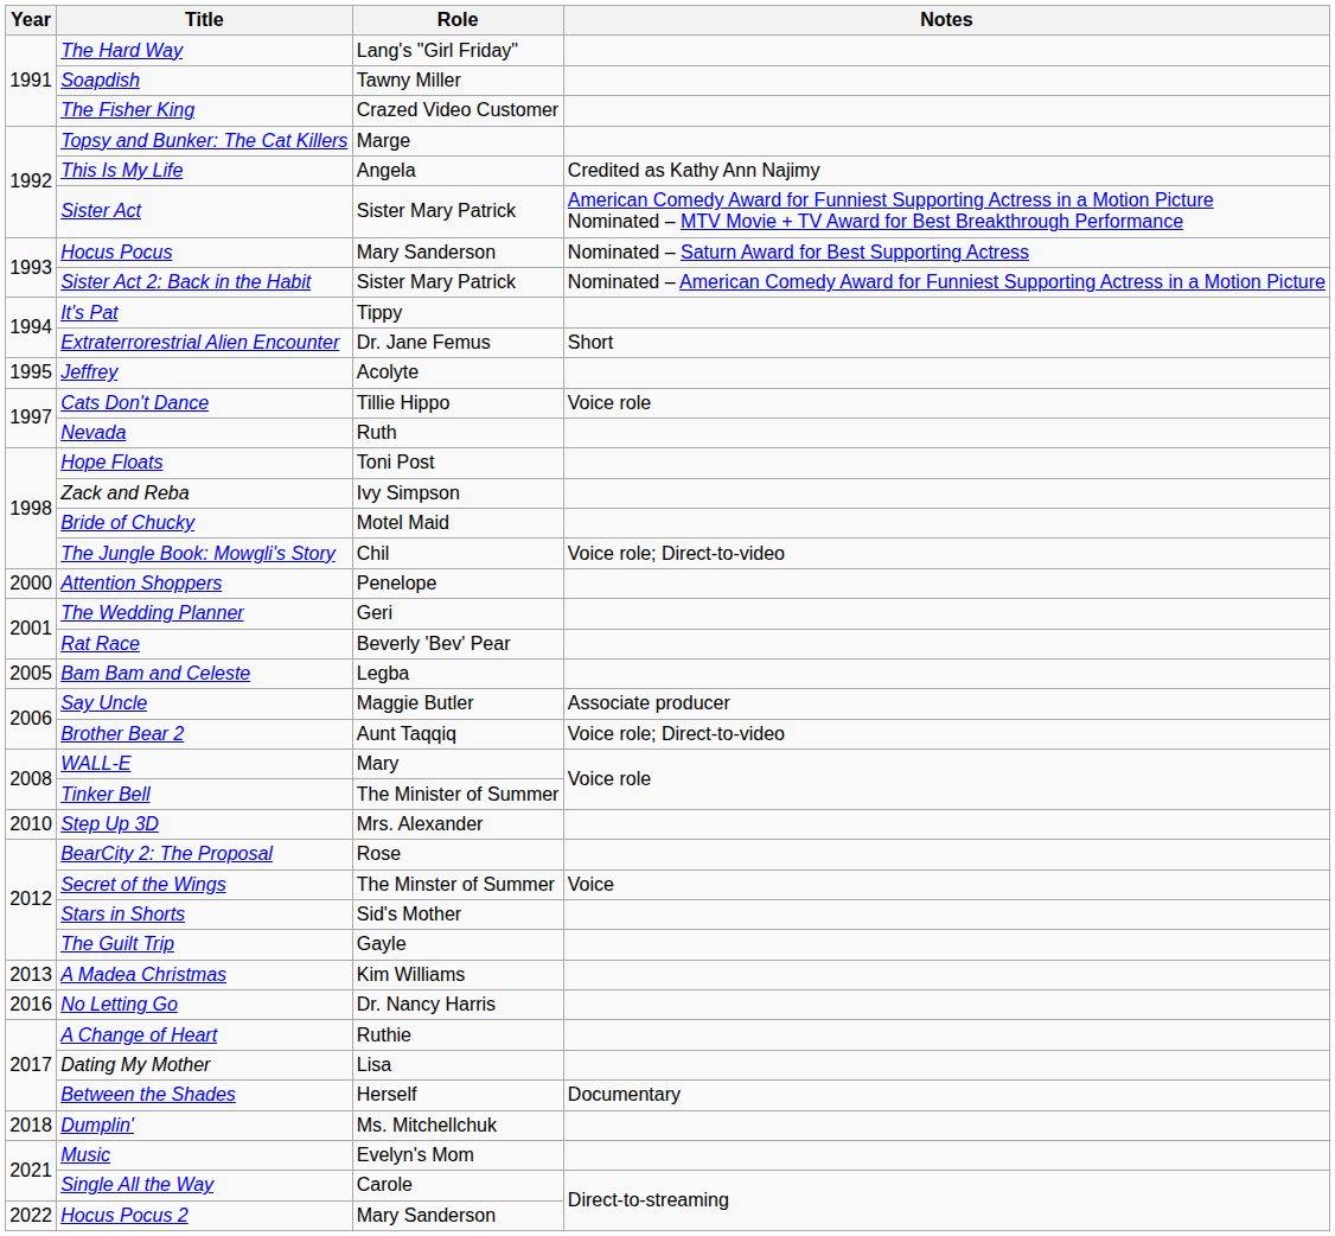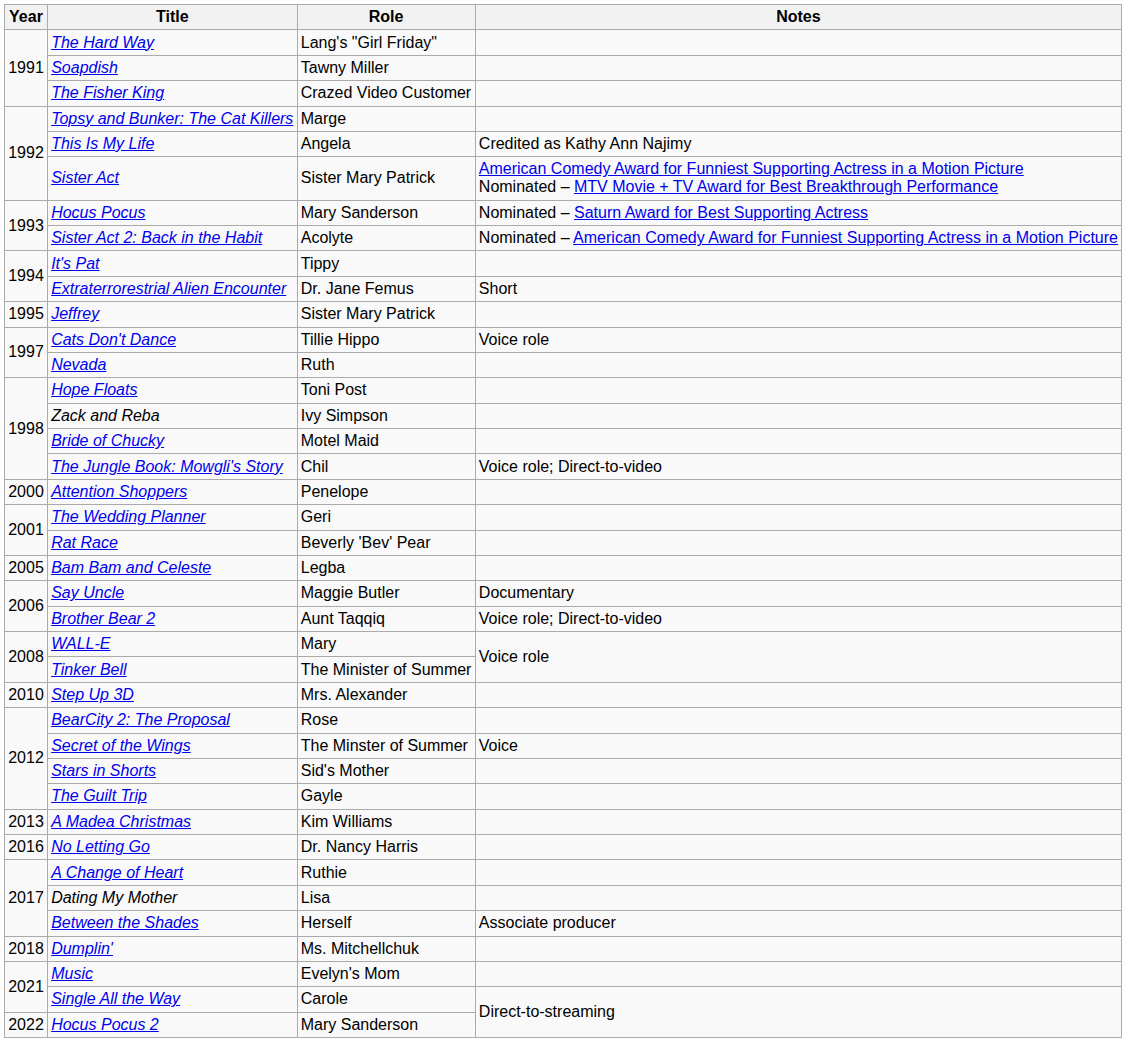 <table class="wikitable sortable">
 <tr>
 <th>Year</th>
 <th>Title</th>
 <th>Role</th>
 <th>Notes</th>
 </tr>
 <tr>
 <td rowspan=3>1991</td>
 <td><em><a href='#'>The Hard Way</a></em></td>
 <td>Lang's "Girl Friday"</td>
 <td></td>
 </tr>
 <tr>
 <td><em><a href='#'>Soapdish</a></em></td>
 <td>Tawny Miller</td>
 <td></td>
 </tr>
 <tr>
 <td><em><a href='#'>The Fisher King</a></em></td>
 <td>Crazed Video Customer</td>
 <td></td>
 </tr>
 <tr>
 <td rowspan=3>1992</td>
 <td><em><a href='#'>Topsy and Bunker: The Cat Killers</a></em></td>
 <td>Marge</td>
 <td></td>
 </tr>
 <tr>
 <td><em><a href='#'>This Is My Life</a></em></td>
 <td>Angela</td>
 <td>Credited as Kathy Ann Najimy</td>
 </tr>
 <tr>
 <td><em><a href='#'>Sister Act</a></em></td>
 <td>Sister Mary Patrick</td>
 <td><a href='#'>American Comedy Award for Funniest Supporting Actress in a Motion Picture</a><br>Nominated – <a href='#'>MTV Movie + TV Award for Best Breakthrough Performance</a></td>
 </tr>
 <tr>
 <td rowspan=2>1993</td>
 <td><em><a href='#'>Hocus Pocus</a></em></td>
 <td>Mary Sanderson</td>
 <td>Nominated – <a href='#'>Saturn Award for Best Supporting Actress</a></td>
 </tr>
 <tr>
 <td><em><a href='#'>Sister Act 2: Back in the Habit</a></em></td>
-<td>Sister Mary Patrick</td>
+<td>Acolyte</td>
 <td>Nominated – <a href='#'>American Comedy Award for Funniest Supporting Actress in a Motion Picture</a></td>
 </tr>
 <tr>
 <td rowspan=2>1994</td>
 <td><em><a href='#'>It's Pat</a></em></td>
 <td>Tippy</td>
 </tr>
 <tr>
 <td><em><a href='#'>Extraterrorestrial Alien Encounter</a></em></td>
 <td>Dr. Jane Femus</td>
 <td>Short</td>
 </tr>
 <tr>
 <td>1995</td>
 <td><em><a href='#'>Jeffrey</a></em></td>
-<td>Acolyte</td>
+<td>Sister Mary Patrick</td>
 <td></td>
 </tr>
 <tr>
 <td rowspan=2>1997</td>
 <td><em><a href='#'>Cats Don't Dance</a></em></td>
 <td>Tillie Hippo</td>
 <td>Voice role</td>
 </tr>
 <tr>
 <td><em><a href='#'>Nevada</a></em></td>
 <td>Ruth</td>
 <td></td>
 </tr>
 <tr>
 <td rowspan=4>1998</td>
 <td><em><a href='#'>Hope Floats</a></em></td>
 <td>Toni Post</td>
 <td></td>
 </tr>
 <tr>
 <td><em>Zack and Reba</em></td>
 <td>Ivy Simpson</td>
 <td></td>
 </tr>
 <tr>
 <td><em><a href='#'>Bride of Chucky</a></em></td>
 <td>Motel Maid</td>
 <td></td>
 </tr>
 <tr>
 <td><em><a href='#'>The Jungle Book: Mowgli's Story</a></em></td>
 <td>Chil</td>
 <td>Voice role; Direct-to-video</td>
 </tr>
 <tr>
 <td>2000</td>
 <td><em><a href='#'>Attention Shoppers</a></em></td>
 <td>Penelope</td>
 <td></td>
 </tr>
 <tr>
 <td rowspan=2>2001</td>
 <td><em><a href='#'>The Wedding Planner</a></em></td>
 <td>Geri</td>
 <td></td>
 </tr>
 <tr>
 <td><em><a href='#'>Rat Race</a></em></td>
 <td>Beverly 'Bev' Pear</td>
 <td></td>
 </tr>
 <tr>
 <td>2005</td>
 <td><em><a href='#'>Bam Bam and Celeste</a></em></td>
 <td>Legba</td>
 <td></td>
 </tr>
 <tr>
 <td rowspan=2>2006</td>
 <td><em><a href='#'>Say Uncle</a></em></td>
 <td>Maggie Butler</td>
-<td>Associate producer</td>
+<td>Documentary</td>
 </tr>
 <tr>
 <td><em><a href='#'>Brother Bear 2</a></em></td>
 <td>Aunt Taqqiq</td>
 <td>Voice role; Direct-to-video</td>
 </tr>
 <tr>
 <td rowspan="2">2008</td>
 <td><em><a href='#'>WALL-E</a></em></td>
 <td>Mary</td>
 <td rowspan="2">Voice role</td>
 </tr>
 <tr>
 <td><em><a href='#'>Tinker Bell</a></em></td>
 <td>The Minister of Summer</td>
 </tr>
 <tr>
 <td>2010</td>
 <td><em><a href='#'>Step Up 3D</a></em></td>
 <td>Mrs. Alexander</td>
 <td></td>
 </tr>
 <tr>
 <td rowspan="4">2012</td>
 <td><em><a href='#'>BearCity 2: The Proposal</a></em></td>
 <td>Rose</td>
 <td></td>
 </tr>
 <tr>
 <td><em><a href='#'>Secret of the Wings</a></em></td>
 <td>The Minster of Summer</td>
 <td>Voice</td>
 </tr>
 <tr>
 <td><em><a href='#'>Stars in Shorts</a></em></td>
 <td>Sid's Mother</td>
 <td></td>
 </tr>
 <tr>
 <td><em><a href='#'>The Guilt Trip</a></em></td>
 <td>Gayle</td>
 <td></td>
 </tr>
 <tr>
 <td>2013</td>
 <td><em><a href='#'>A Madea Christmas</a></em></td>
 <td>Kim Williams</td>
 <td></td>
 </tr>
 <tr>
 <td>2016</td>
 <td><em><a href='#'>No Letting Go</a></em></td>
 <td>Dr. Nancy Harris</td>
 <td></td>
 </tr>
 <tr>
 <td rowspan=3>2017</td>
 <td><em><a href='#'>A Change of Heart</a></em></td>
 <td>Ruthie</td>
 <td></td>
 </tr>
 <tr>
 <td><em>Dating My Mother</em></td>
 <td>Lisa</td>
 <td></td>
 </tr>
 <tr>
 <td><em><a href='#'>Between the Shades</a></em></td>
 <td>Herself</td>
-<td>Documentary</td>
+<td>Associate producer</td>
 </tr>
 <tr>
 <td>2018</td>
 <td><em><a href='#'>Dumplin'</a></em></td>
 <td>Ms. Mitchellchuk</td>
 <td></td>
 </tr>
 <tr>
 <td rowspan=2>2021</td>
 <td><a href='#'><em>Music</em></a></td>
 <td>Evelyn's Mom</td>
 <td></td>
 </tr>
 <tr>
 <td><em><a href='#'>Single All the Way</a></em></td>
 <td>Carole</td>
 <td rowspan=2>Direct-to-streaming</td>
 </tr>
 <tr>
 <td>2022</td>
 <td><em><a href='#'>Hocus Pocus 2</a></em></td>
 <td>Mary Sanderson</td>
 </tr>
 <tr>
 </tr>
 </table>
